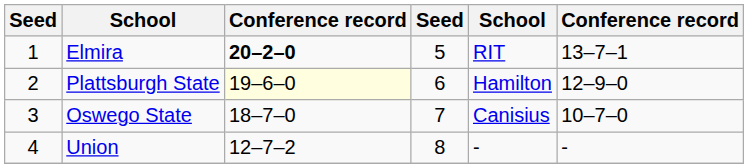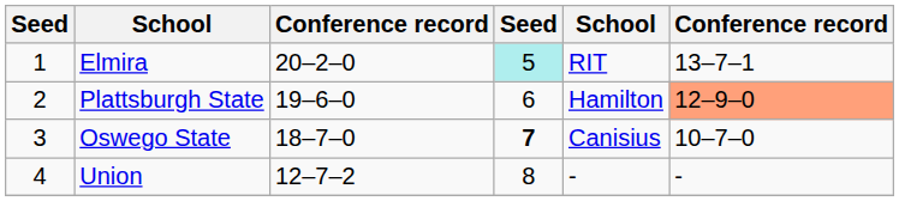 <table class="wikitable">
 <tr>
 <th>Seed</th>
 <th>School</th>
 <th>Conference record</th>
 <th>Seed</th>
 <th>School</th>
 <th>Conference record</th>
 </tr>
 <tr>
 <td align=center>1</td>
 <td><a href='#'>Elmira</a></td>
-<td><strong>20–2–0</strong></td>
-<td align=center>5</td>
+<td>20–2–0</td>
+<td align=center style="background: paleturquoise;">5</td>
 <td><a href='#'>RIT</a></td>
 <td>13–7–1</td>
 </tr>
 <tr>
 <td align=center>2</td>
 <td><a href='#'>Plattsburgh State</a></td>
-<td style="background: lightyellow;">19–6–0</td>
+<td>19–6–0</td>
 <td align=center>6</td>
 <td><a href='#'>Hamilton</a></td>
-<td>12–9–0</td>
+<td style="background: lightsalmon;">12–9–0</td>
 </tr>
 <tr>
 <td align=center>3</td>
 <td><a href='#'>Oswego State</a></td>
 <td>18–7–0</td>
-<td align=center>7</td>
+<td align=center><strong>7</strong></td>
 <td><a href='#'>Canisius</a></td>
 <td>10–7–0</td>
 </tr>
 <tr>
 <td align=center>4</td>
 <td><a href='#'>Union</a></td>
 <td>12–7–2</td>
 <td align=center>8</td>
 <td>-</td>
 <td>-</td>
 </tr>
 <tr>
 </tr>
 </table>
